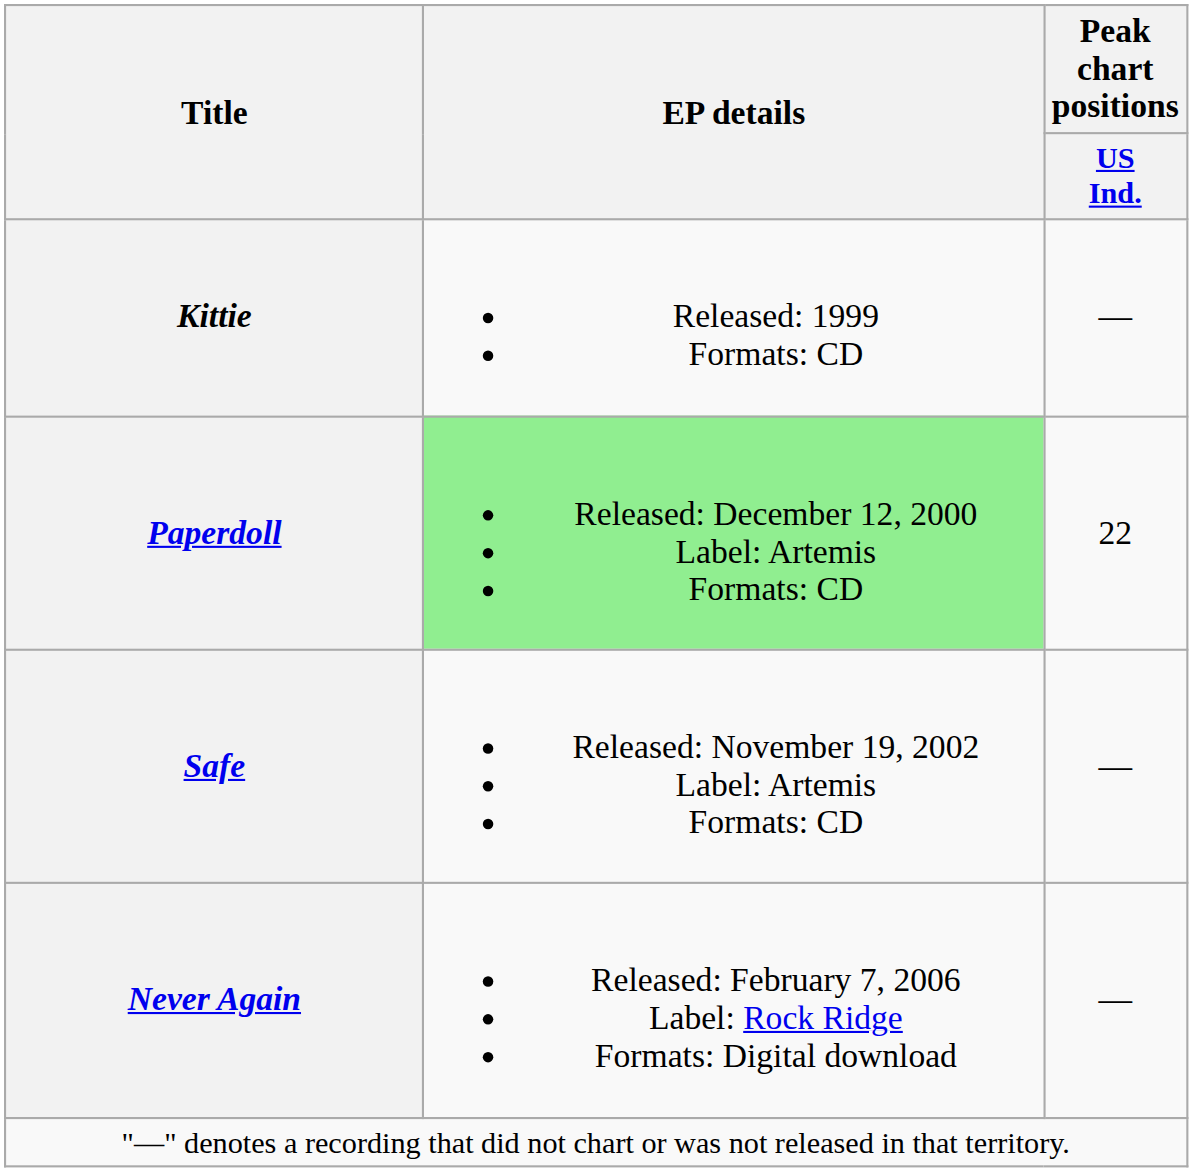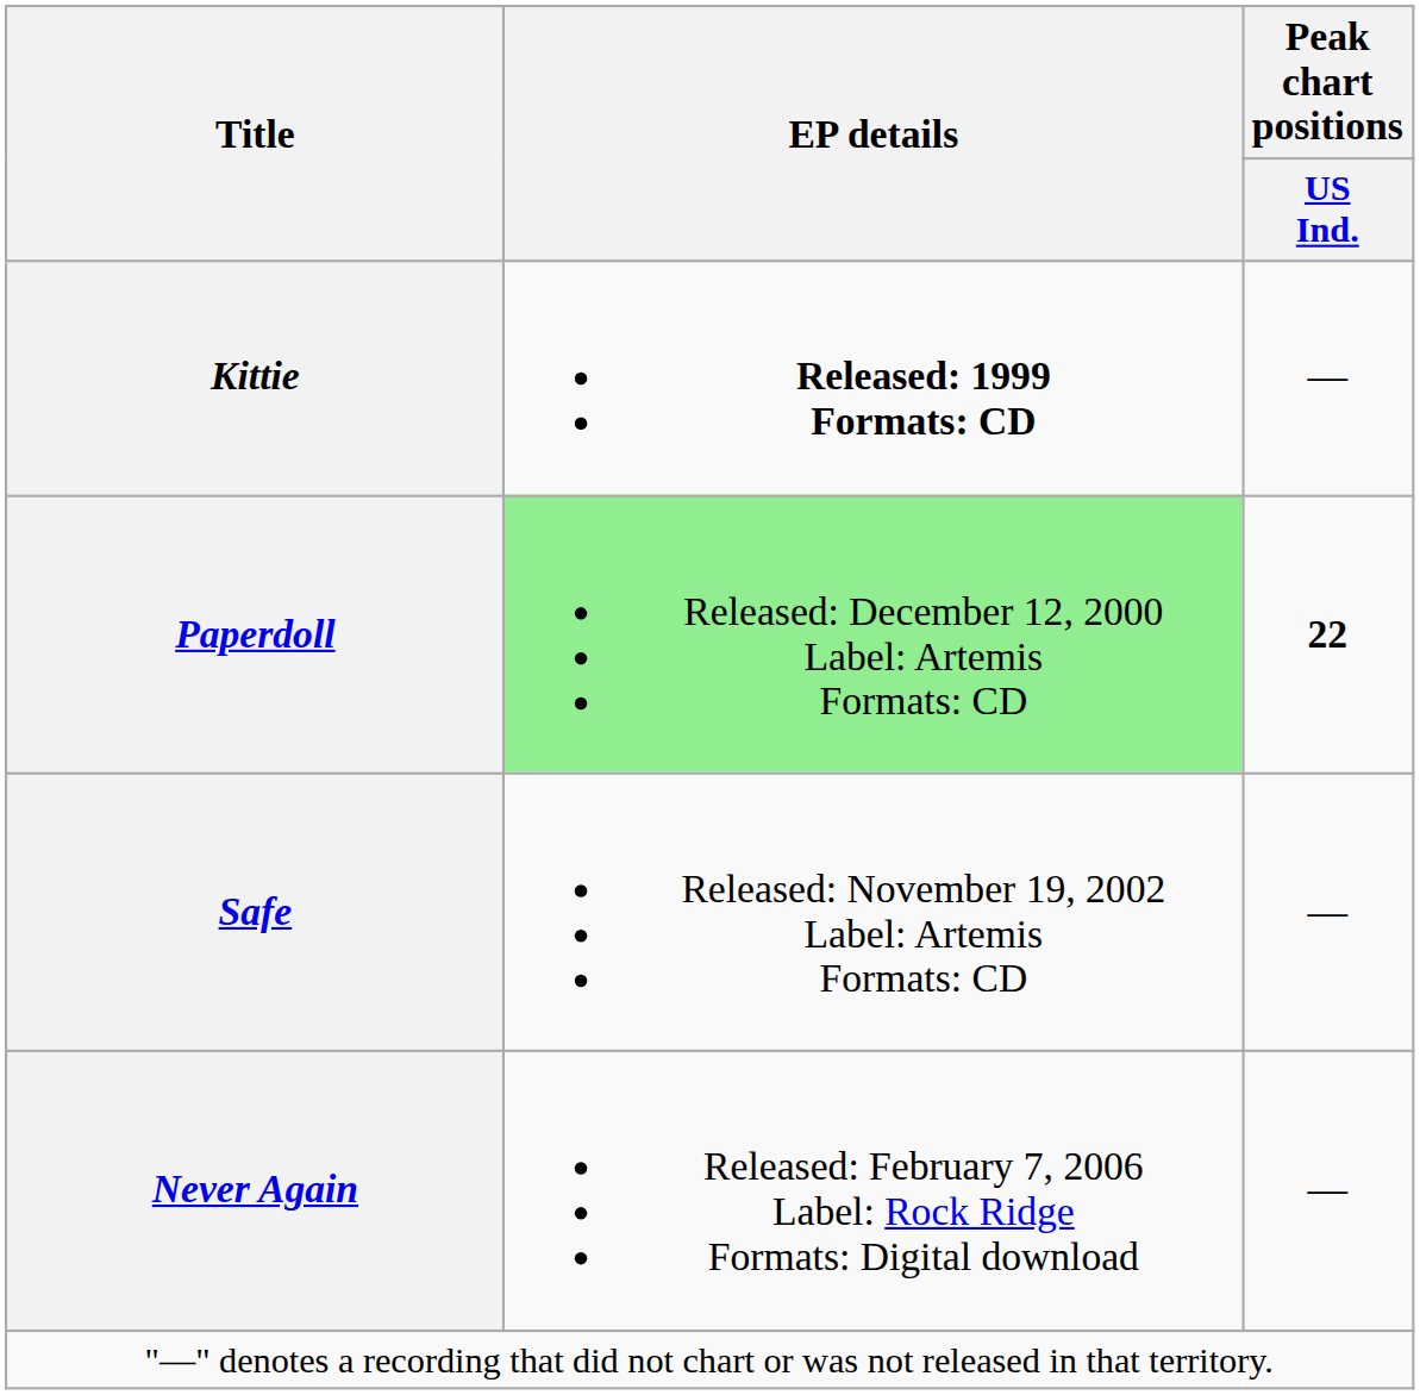 <table class="wikitable plainrowheaders" style="text-align:center;">
 <tr>
 <th scope="col" rowspan="2" style="width:12em;">Title</th>
 <th scope="col" rowspan="2" style="width:18em;">EP details</th>
 <th scope="col" colspan="1">Peak chart positions</th>
 </tr>
 <tr>
 <th scope="col" style="width:3em;font-size:90%;"><a href='#'>US<br>Ind.</a><br></th>
 </tr>
 <tr>
 <th scope="row"><em>Kittie</em></th>
-<td><br><ul><li>Released: 1999</li><li>Formats: CD</li></ul></td>
+<td><strong><br><ul><li>Released: 1999</li><li>Formats: CD</li></ul></strong></td>
 <td>—</td>
 </tr>
 <tr>
 <th scope="row"><em><a href='#'>Paperdoll</a></em></th>
 <td style="background: lightgreen;"><br><ul><li>Released: December 12, 2000</li><li>Label: Artemis</li><li>Formats: CD</li></ul></td>
-<td>22</td>
+<td><strong>22</strong></td>
 </tr>
 <tr>
 <th scope="row"><em><a href='#'>Safe</a></em></th>
 <td><br><ul><li>Released: November 19, 2002</li><li>Label: Artemis</li><li>Formats: CD</li></ul></td>
 <td>—</td>
 </tr>
 <tr>
 <th scope="row"><em><a href='#'>Never Again</a></em></th>
 <td><br><ul><li>Released: February 7, 2006</li><li>Label: <a href='#'>Rock Ridge</a></li><li>Formats: Digital download</li></ul></td>
 <td>—</td>
 </tr>
 <tr>
 <td colspan="5" style="font-size:90%">"—" denotes a recording that did not chart or was not released in that territory.</td>
 </tr>
 </table>
